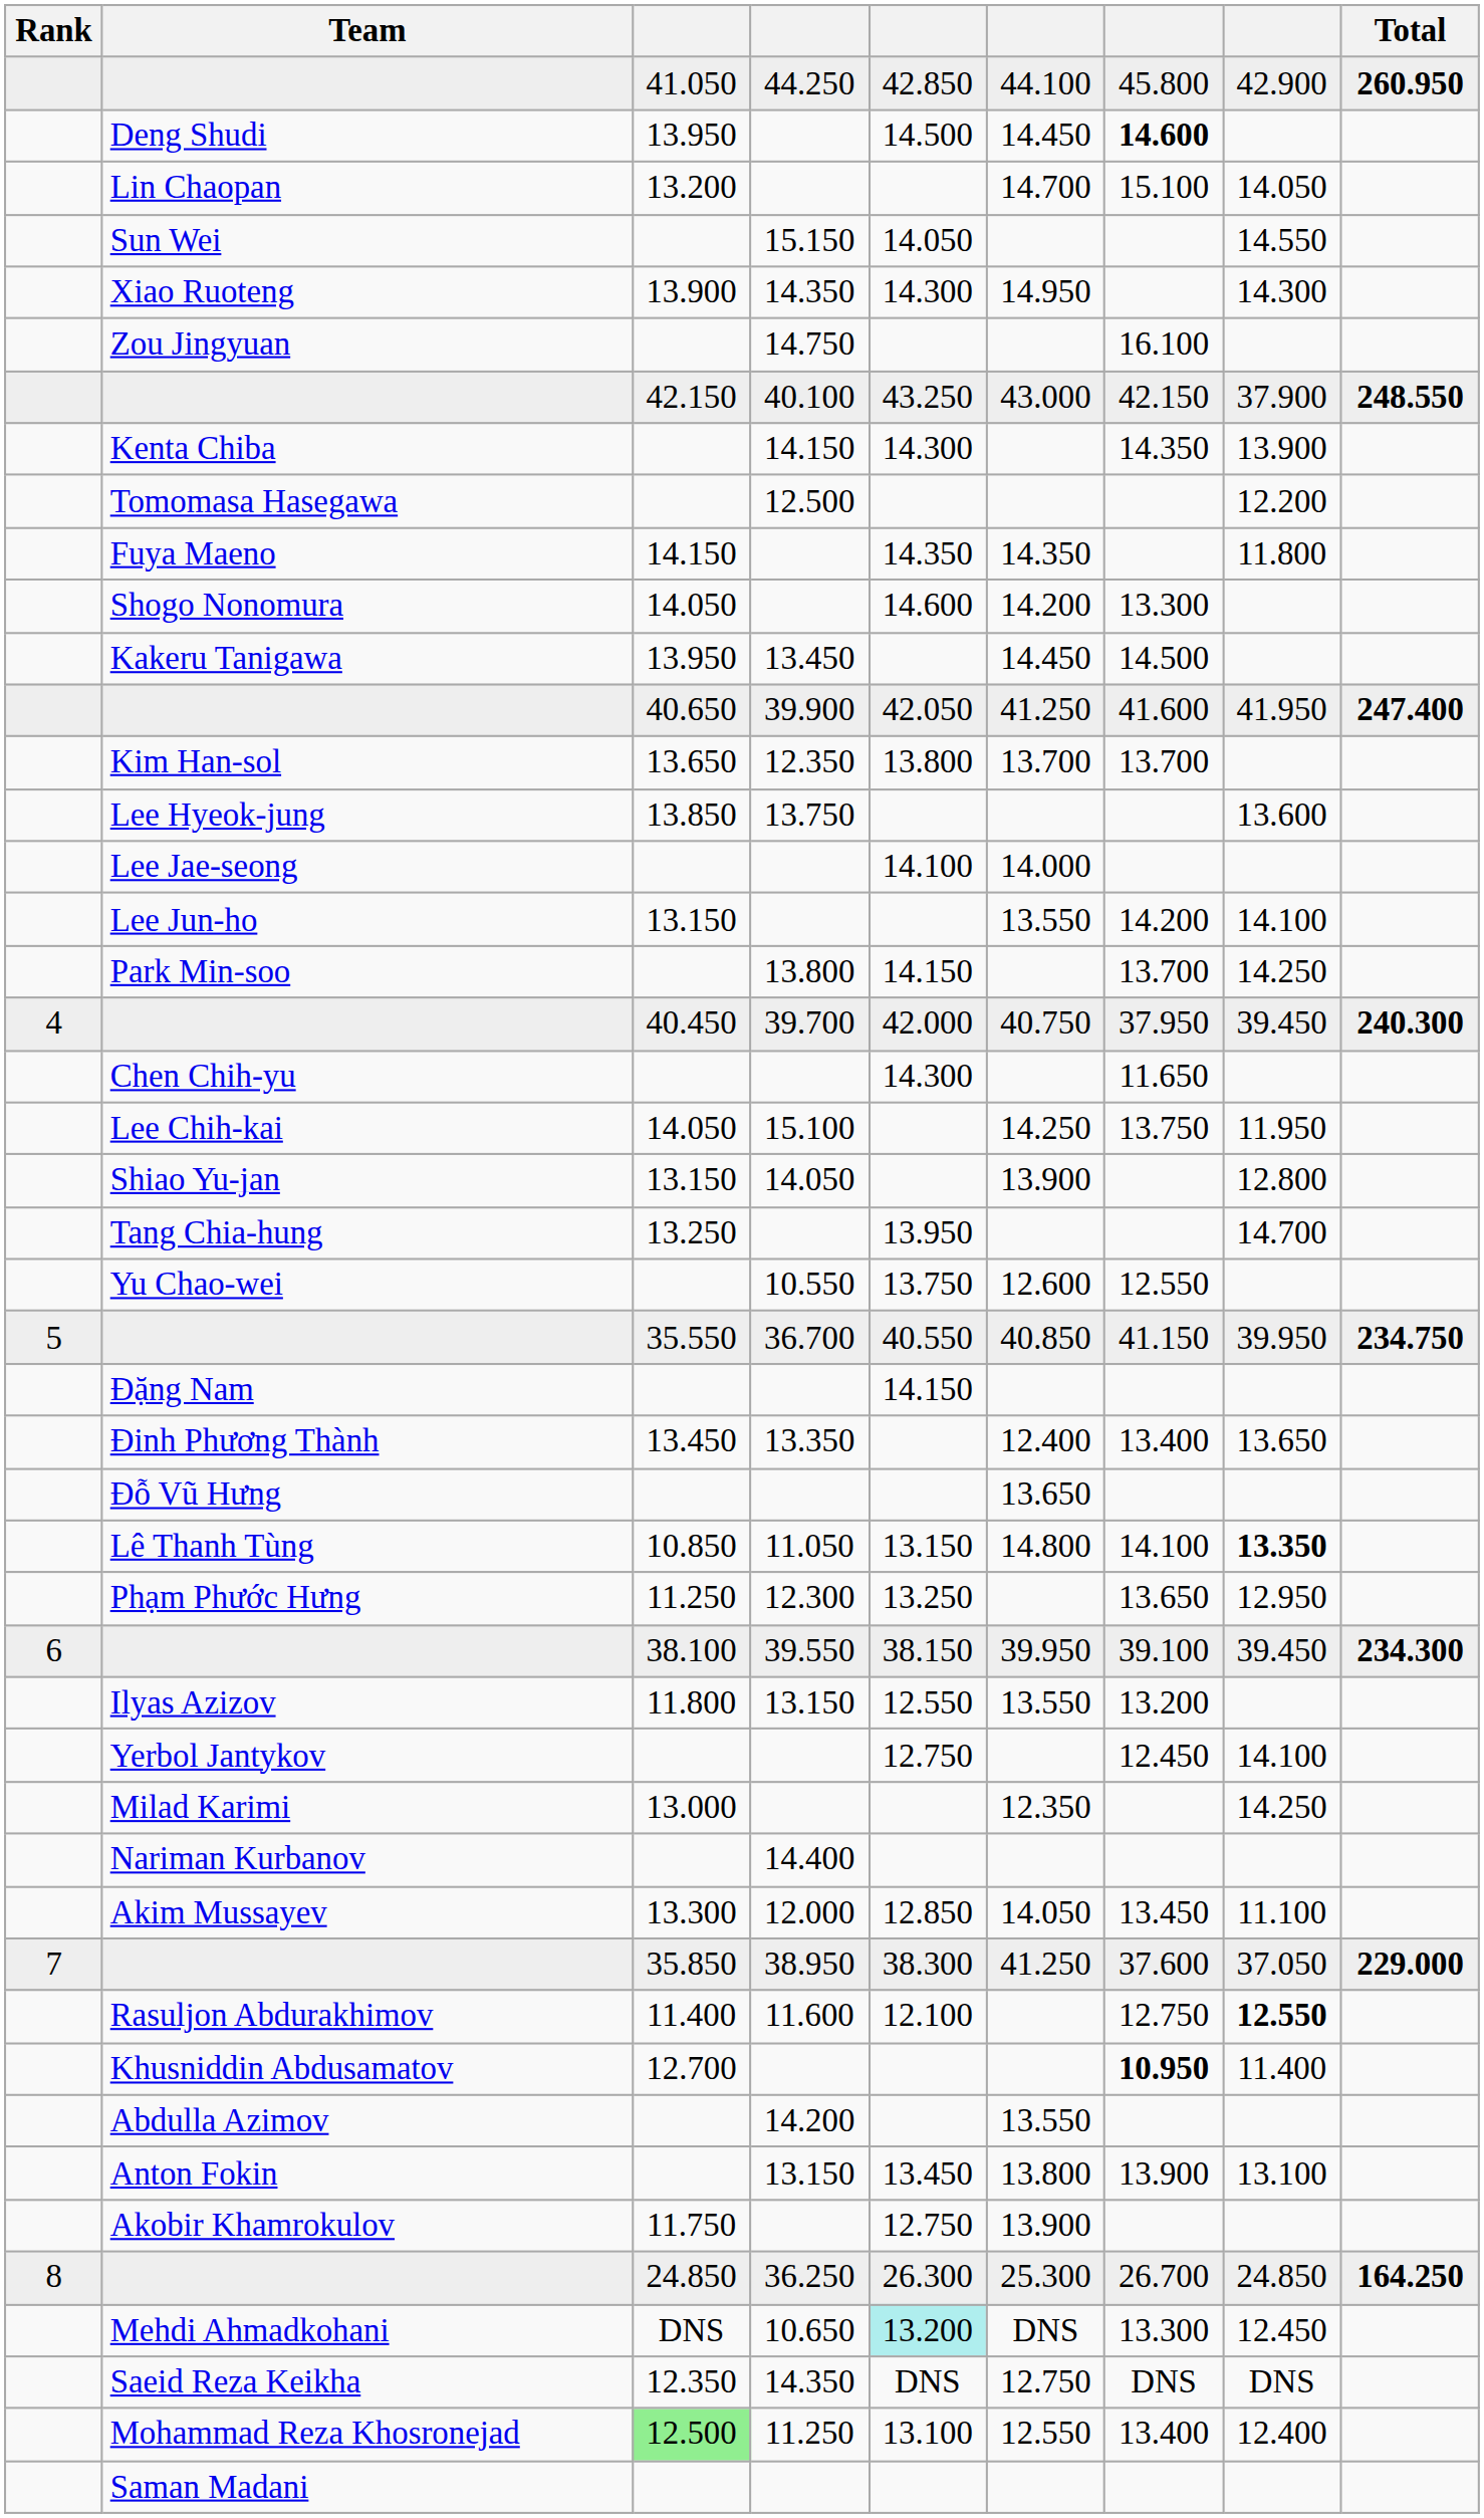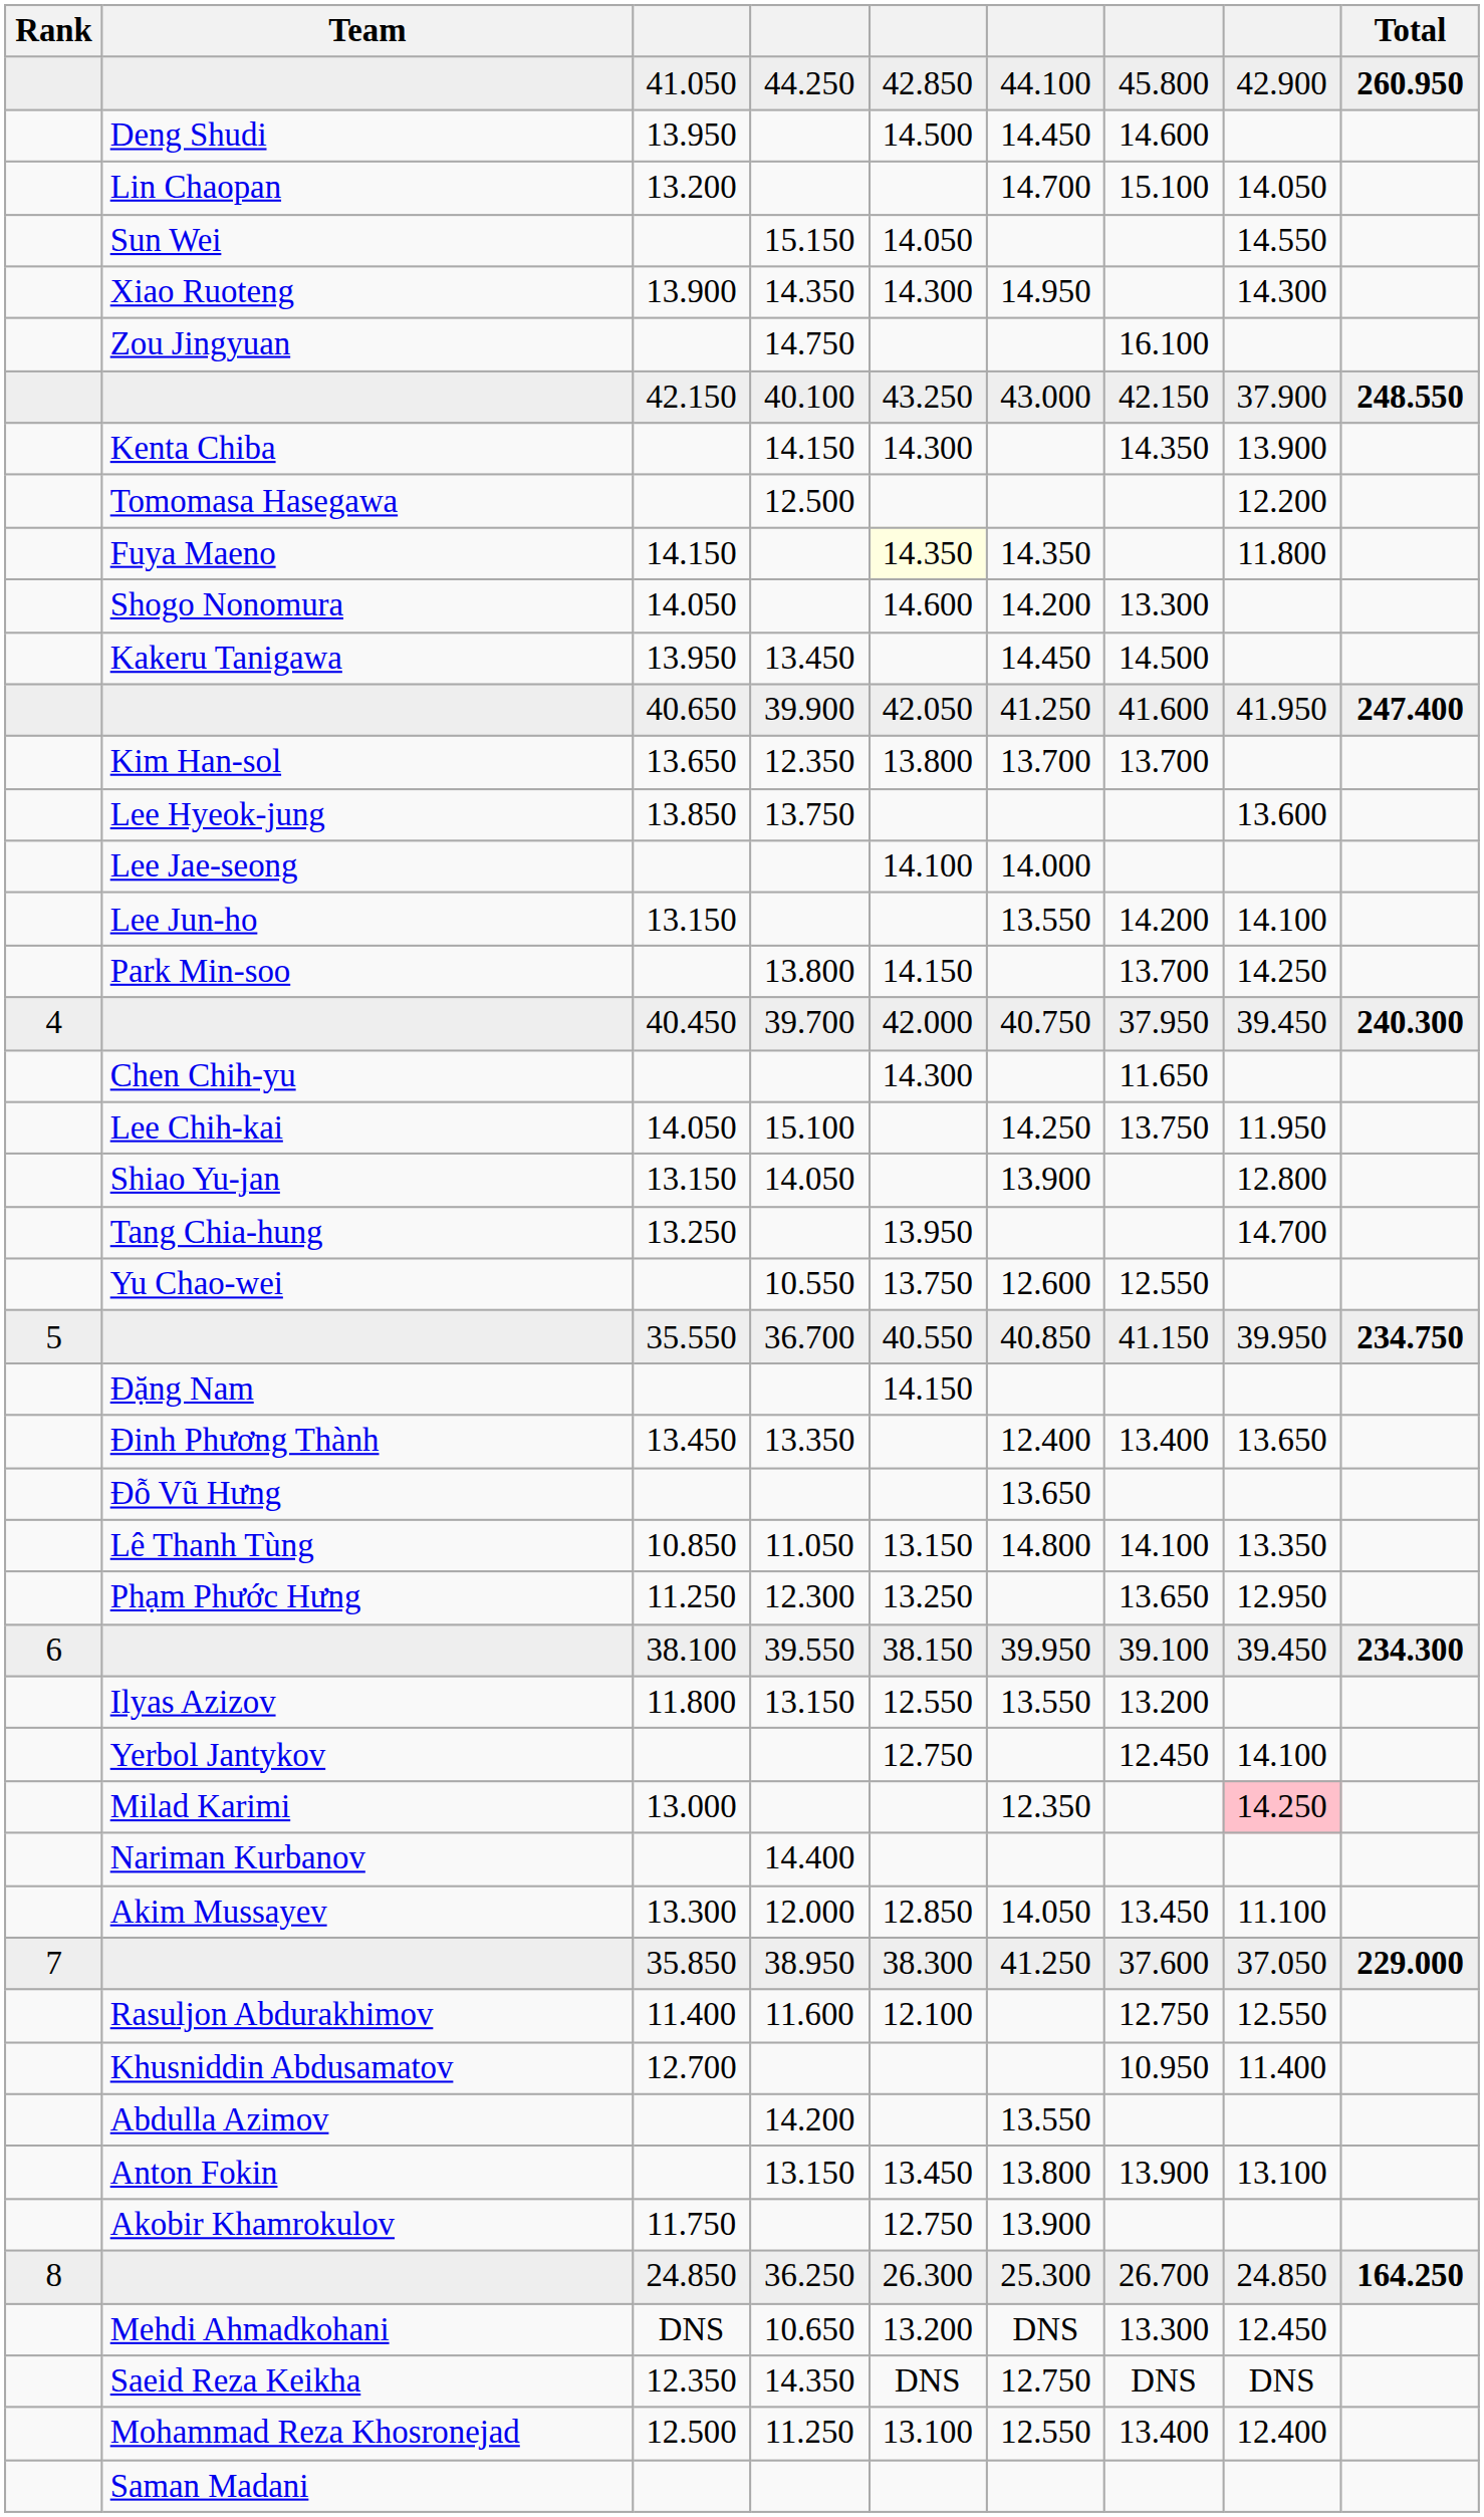 <table class=wikitable style="text-align:center">
 <tr>
 <th width=40>Rank</th>
 <th width=250>Team</th>
 <th width=50></th>
 <th width=50></th>
 <th width=50></th>
 <th width=50></th>
 <th width=50></th>
 <th width=50></th>
 <th width=60>Total</th>
 </tr>
 <tr bgcolor=eeeeee>
 <td></td>
 <td align=left></td>
 <td>41.050</td>
 <td>44.250</td>
 <td>42.850</td>
 <td>44.100</td>
 <td>45.800</td>
 <td>42.900</td>
 <td><strong>260.950</strong></td>
 </tr>
 <tr>
 <td></td>
 <td align=left><a href='#'>Deng Shudi</a></td>
 <td>13.950</td>
 <td></td>
 <td>14.500</td>
 <td>14.450</td>
-<td><strong>14.600</strong></td>
+<td>14.600</td>
 <td></td>
 <td></td>
 </tr>
 <tr>
 <td></td>
 <td align=left><a href='#'>Lin Chaopan</a></td>
 <td>13.200</td>
 <td></td>
 <td></td>
 <td>14.700</td>
 <td>15.100</td>
 <td>14.050</td>
 <td></td>
 </tr>
 <tr>
 <td></td>
 <td align=left><a href='#'>Sun Wei</a></td>
 <td></td>
 <td>15.150</td>
 <td>14.050</td>
 <td></td>
 <td></td>
 <td>14.550</td>
 <td></td>
 </tr>
 <tr>
 <td></td>
 <td align=left><a href='#'>Xiao Ruoteng</a></td>
 <td>13.900</td>
 <td>14.350</td>
 <td>14.300</td>
 <td>14.950</td>
 <td></td>
 <td>14.300</td>
 <td></td>
 </tr>
 <tr>
 <td></td>
 <td align=left><a href='#'>Zou Jingyuan</a></td>
 <td></td>
 <td>14.750</td>
 <td></td>
 <td></td>
 <td>16.100</td>
 <td></td>
 <td></td>
 </tr>
 <tr bgcolor=eeeeee>
 <td></td>
 <td align=left></td>
 <td>42.150</td>
 <td>40.100</td>
 <td>43.250</td>
 <td>43.000</td>
 <td>42.150</td>
 <td>37.900</td>
 <td><strong>248.550</strong></td>
 </tr>
 <tr>
 <td></td>
 <td align=left><a href='#'>Kenta Chiba</a></td>
 <td></td>
 <td>14.150</td>
 <td>14.300</td>
 <td></td>
 <td>14.350</td>
 <td>13.900</td>
 <td></td>
 </tr>
 <tr>
 <td></td>
 <td align=left><a href='#'>Tomomasa Hasegawa</a></td>
 <td></td>
 <td>12.500</td>
 <td></td>
 <td></td>
 <td></td>
 <td>12.200</td>
 <td></td>
 </tr>
 <tr>
 <td></td>
 <td align=left><a href='#'>Fuya Maeno</a></td>
 <td>14.150</td>
 <td></td>
-<td>14.350</td>
+<td style="background: lightyellow;">14.350</td>
 <td>14.350</td>
 <td></td>
 <td>11.800</td>
 <td></td>
 </tr>
 <tr>
 <td></td>
 <td align=left><a href='#'>Shogo Nonomura</a></td>
 <td>14.050</td>
 <td></td>
 <td>14.600</td>
 <td>14.200</td>
 <td>13.300</td>
 <td></td>
 <td></td>
 </tr>
 <tr>
 <td></td>
 <td align=left><a href='#'>Kakeru Tanigawa</a></td>
 <td>13.950</td>
 <td>13.450</td>
 <td></td>
 <td>14.450</td>
 <td>14.500</td>
 <td></td>
 <td></td>
 </tr>
 <tr bgcolor=eeeeee>
 <td></td>
 <td align=left></td>
 <td>40.650</td>
 <td>39.900</td>
 <td>42.050</td>
 <td>41.250</td>
 <td>41.600</td>
 <td>41.950</td>
 <td><strong>247.400</strong></td>
 </tr>
 <tr>
 <td></td>
 <td align=left><a href='#'>Kim Han-sol</a></td>
 <td>13.650</td>
 <td>12.350</td>
 <td>13.800</td>
 <td>13.700</td>
 <td>13.700</td>
 <td></td>
 <td></td>
 </tr>
 <tr>
 <td></td>
 <td align=left><a href='#'>Lee Hyeok-jung</a></td>
 <td>13.850</td>
 <td>13.750</td>
 <td></td>
 <td></td>
 <td></td>
 <td>13.600</td>
 <td></td>
 </tr>
 <tr>
 <td></td>
 <td align=left><a href='#'>Lee Jae-seong</a></td>
 <td></td>
 <td></td>
 <td>14.100</td>
 <td>14.000</td>
 <td></td>
 <td></td>
 <td></td>
 </tr>
 <tr>
 <td></td>
 <td align=left><a href='#'>Lee Jun-ho</a></td>
 <td>13.150</td>
 <td></td>
 <td></td>
 <td>13.550</td>
 <td>14.200</td>
 <td>14.100</td>
 <td></td>
 </tr>
 <tr>
 <td></td>
 <td align=left><a href='#'>Park Min-soo</a></td>
 <td></td>
 <td>13.800</td>
 <td>14.150</td>
 <td></td>
 <td>13.700</td>
 <td>14.250</td>
 <td></td>
 </tr>
 <tr bgcolor=eeeeee>
 <td>4</td>
 <td align=left></td>
 <td>40.450</td>
 <td>39.700</td>
 <td>42.000</td>
 <td>40.750</td>
 <td>37.950</td>
 <td>39.450</td>
 <td><strong>240.300</strong></td>
 </tr>
 <tr>
 <td></td>
 <td align=left><a href='#'>Chen Chih-yu</a></td>
 <td></td>
 <td></td>
 <td>14.300</td>
 <td></td>
 <td>11.650</td>
 <td></td>
 <td></td>
 </tr>
 <tr>
 <td></td>
 <td align=left><a href='#'>Lee Chih-kai</a></td>
 <td>14.050</td>
 <td>15.100</td>
 <td></td>
 <td>14.250</td>
 <td>13.750</td>
 <td>11.950</td>
 <td></td>
 </tr>
 <tr>
 <td></td>
 <td align=left><a href='#'>Shiao Yu-jan</a></td>
 <td>13.150</td>
 <td>14.050</td>
 <td></td>
 <td>13.900</td>
 <td></td>
 <td>12.800</td>
 <td></td>
 </tr>
 <tr>
 <td></td>
 <td align=left><a href='#'>Tang Chia-hung</a></td>
 <td>13.250</td>
 <td></td>
 <td>13.950</td>
 <td></td>
 <td></td>
 <td>14.700</td>
 <td></td>
 </tr>
 <tr>
 <td></td>
 <td align=left><a href='#'>Yu Chao-wei</a></td>
 <td></td>
 <td>10.550</td>
 <td>13.750</td>
 <td>12.600</td>
 <td>12.550</td>
 <td></td>
 <td></td>
 </tr>
 <tr bgcolor=eeeeee>
 <td>5</td>
 <td align=left></td>
 <td>35.550</td>
 <td>36.700</td>
 <td>40.550</td>
 <td>40.850</td>
 <td>41.150</td>
 <td>39.950</td>
 <td><strong>234.750</strong></td>
 </tr>
 <tr>
 <td></td>
 <td align=left><a href='#'>Đặng Nam</a></td>
 <td></td>
 <td></td>
 <td>14.150</td>
 <td></td>
 <td></td>
 <td></td>
 <td></td>
 </tr>
 <tr>
 <td></td>
 <td align=left><a href='#'>Đinh Phương Thành</a></td>
 <td>13.450</td>
 <td>13.350</td>
 <td></td>
 <td>12.400</td>
 <td>13.400</td>
 <td>13.650</td>
 <td></td>
 </tr>
 <tr>
 <td></td>
 <td align=left><a href='#'>Đỗ Vũ Hưng</a></td>
 <td></td>
 <td></td>
 <td></td>
 <td>13.650</td>
 <td></td>
 <td></td>
 <td></td>
 </tr>
 <tr>
 <td></td>
 <td align=left><a href='#'>Lê Thanh Tùng</a></td>
 <td>10.850</td>
 <td>11.050</td>
 <td>13.150</td>
 <td>14.800</td>
 <td>14.100</td>
-<td><strong>13.350</strong></td>
+<td>13.350</td>
 <td></td>
 </tr>
 <tr>
 <td></td>
 <td align=left><a href='#'>Phạm Phước Hưng</a></td>
 <td>11.250</td>
 <td>12.300</td>
 <td>13.250</td>
 <td></td>
 <td>13.650</td>
 <td>12.950</td>
 <td></td>
 </tr>
 <tr bgcolor=eeeeee>
 <td>6</td>
 <td align=left></td>
 <td>38.100</td>
 <td>39.550</td>
 <td>38.150</td>
 <td>39.950</td>
 <td>39.100</td>
 <td>39.450</td>
 <td><strong>234.300</strong></td>
 </tr>
 <tr>
 <td></td>
 <td align=left><a href='#'>Ilyas Azizov</a></td>
 <td>11.800</td>
 <td>13.150</td>
 <td>12.550</td>
 <td>13.550</td>
 <td>13.200</td>
 <td></td>
 <td></td>
 </tr>
 <tr>
 <td></td>
 <td align=left><a href='#'>Yerbol Jantykov</a></td>
 <td></td>
 <td></td>
 <td>12.750</td>
 <td></td>
 <td>12.450</td>
 <td>14.100</td>
 <td></td>
 </tr>
 <tr>
 <td></td>
 <td align=left><a href='#'>Milad Karimi</a></td>
 <td>13.000</td>
 <td></td>
 <td></td>
 <td>12.350</td>
 <td></td>
-<td>14.250</td>
+<td style="background: pink;">14.250</td>
 <td></td>
 </tr>
 <tr>
 <td></td>
 <td align=left><a href='#'>Nariman Kurbanov</a></td>
 <td></td>
 <td>14.400</td>
 <td></td>
 <td></td>
 <td></td>
 <td></td>
 <td></td>
 </tr>
 <tr>
 <td></td>
 <td align=left><a href='#'>Akim Mussayev</a></td>
 <td>13.300</td>
 <td>12.000</td>
 <td>12.850</td>
 <td>14.050</td>
 <td>13.450</td>
 <td>11.100</td>
 <td></td>
 </tr>
 <tr bgcolor=eeeeee>
 <td>7</td>
 <td align=left></td>
 <td>35.850</td>
 <td>38.950</td>
 <td>38.300</td>
 <td>41.250</td>
 <td>37.600</td>
 <td>37.050</td>
 <td><strong>229.000</strong></td>
 </tr>
 <tr>
 <td></td>
 <td align=left><a href='#'>Rasuljon Abdurakhimov</a></td>
 <td>11.400</td>
 <td>11.600</td>
 <td>12.100</td>
 <td></td>
 <td>12.750</td>
-<td><strong>12.550</strong></td>
+<td>12.550</td>
 <td></td>
 </tr>
 <tr>
 <td></td>
 <td align=left><a href='#'>Khusniddin Abdusamatov</a></td>
 <td>12.700</td>
 <td></td>
 <td></td>
 <td></td>
-<td><strong>10.950</strong></td>
+<td>10.950</td>
 <td>11.400</td>
 <td></td>
 </tr>
 <tr>
 <td></td>
 <td align=left><a href='#'>Abdulla Azimov</a></td>
 <td></td>
 <td>14.200</td>
 <td></td>
 <td>13.550</td>
 <td></td>
 <td></td>
 <td></td>
 </tr>
 <tr>
 <td></td>
 <td align=left><a href='#'>Anton Fokin</a></td>
 <td></td>
 <td>13.150</td>
 <td>13.450</td>
 <td>13.800</td>
 <td>13.900</td>
 <td>13.100</td>
 <td></td>
 </tr>
 <tr>
 <td></td>
 <td align=left><a href='#'>Akobir Khamrokulov</a></td>
 <td>11.750</td>
 <td></td>
 <td>12.750</td>
 <td>13.900</td>
 <td></td>
 <td></td>
 <td></td>
 </tr>
 <tr bgcolor=eeeeee>
 <td>8</td>
 <td align=left></td>
 <td>24.850</td>
 <td>36.250</td>
 <td>26.300</td>
 <td>25.300</td>
 <td>26.700</td>
 <td>24.850</td>
 <td><strong>164.250</strong></td>
 </tr>
 <tr>
 <td></td>
 <td align=left><a href='#'>Mehdi Ahmadkohani</a></td>
 <td>DNS</td>
 <td>10.650</td>
-<td style="background: paleturquoise;">13.200</td>
+<td>13.200</td>
 <td>DNS</td>
 <td>13.300</td>
 <td>12.450</td>
 <td></td>
 </tr>
 <tr>
 <td></td>
 <td align=left><a href='#'>Saeid Reza Keikha</a></td>
 <td>12.350</td>
 <td>14.350</td>
 <td>DNS</td>
 <td>12.750</td>
 <td>DNS</td>
 <td>DNS</td>
 <td></td>
 </tr>
 <tr>
 <td></td>
 <td align=left><a href='#'>Mohammad Reza Khosronejad</a></td>
-<td style="background: lightgreen;">12.500</td>
+<td>12.500</td>
 <td>11.250</td>
 <td>13.100</td>
 <td>12.550</td>
 <td>13.400</td>
 <td>12.400</td>
 <td></td>
 </tr>
 <tr>
 <td></td>
 <td align=left><a href='#'>Saman Madani</a></td>
 <td></td>
 <td></td>
 <td></td>
 <td></td>
 <td></td>
 <td></td>
 <td></td>
 </tr>
 </table>
